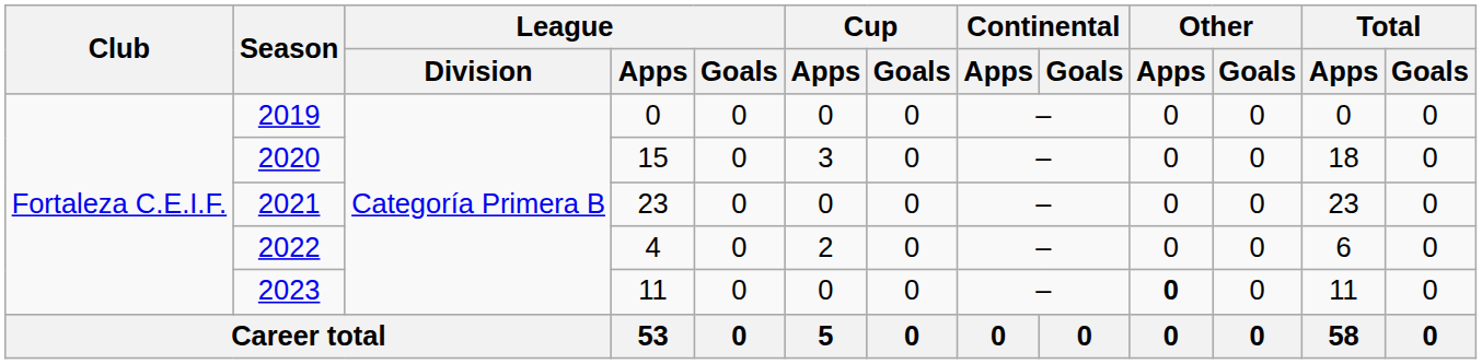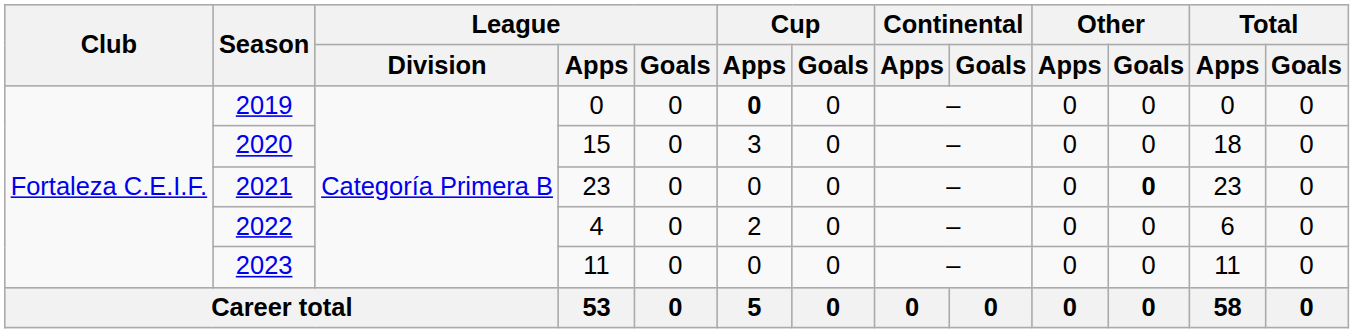 <table class=wikitable style=text-align:center>
 <tr>
 <th rowspan="2">Club</th>
 <th rowspan="2">Season</th>
 <th colspan="3">League</th>
 <th colspan="2">Cup</th>
 <th colspan="2">Continental</th>
 <th colspan="2">Other</th>
 <th colspan="2">Total</th>
 </tr>
 <tr>
 <th>Division</th>
 <th>Apps</th>
 <th>Goals</th>
 <th>Apps</th>
 <th>Goals</th>
 <th>Apps</th>
 <th>Goals</th>
 <th>Apps</th>
 <th>Goals</th>
 <th>Apps</th>
 <th>Goals</th>
 </tr>
 <tr>
 <td rowspan="5"><a href='#'>Fortaleza C.E.I.F.</a></td>
 <td><a href='#'>2019</a></td>
 <td rowspan="5"><a href='#'>Categoría Primera B</a></td>
 <td>0</td>
 <td>0</td>
-<td>0</td>
+<td><strong>0</strong></td>
 <td>0</td>
 <td colspan="2">–</td>
 <td>0</td>
 <td>0</td>
 <td>0</td>
 <td>0</td>
 </tr>
 <tr>
 <td><a href='#'>2020</a></td>
 <td>15</td>
 <td>0</td>
 <td>3</td>
 <td>0</td>
 <td colspan="2">–</td>
 <td>0</td>
 <td>0</td>
 <td>18</td>
 <td>0</td>
 </tr>
 <tr>
 <td><a href='#'>2021</a></td>
 <td>23</td>
 <td>0</td>
 <td>0</td>
 <td>0</td>
 <td colspan="2">–</td>
 <td>0</td>
-<td>0</td>
+<td><strong>0</strong></td>
 <td>23</td>
 <td>0</td>
 </tr>
 <tr>
 <td><a href='#'>2022</a></td>
 <td>4</td>
 <td>0</td>
 <td>2</td>
 <td>0</td>
 <td colspan="2">–</td>
 <td>0</td>
 <td>0</td>
 <td>6</td>
 <td>0</td>
 </tr>
 <tr>
 <td><a href='#'>2023</a></td>
 <td>11</td>
 <td>0</td>
 <td>0</td>
 <td>0</td>
 <td colspan="2">–</td>
-<td><strong>0</strong></td>
+<td>0</td>
 <td>0</td>
 <td>11</td>
 <td>0</td>
 </tr>
 <tr>
 <th colspan="3"><strong>Career total</strong></th>
 <th>53</th>
 <th>0</th>
 <th>5</th>
 <th>0</th>
 <th>0</th>
 <th>0</th>
 <th>0</th>
 <th>0</th>
 <th>58</th>
 <th>0</th>
 </tr>
 </table>
